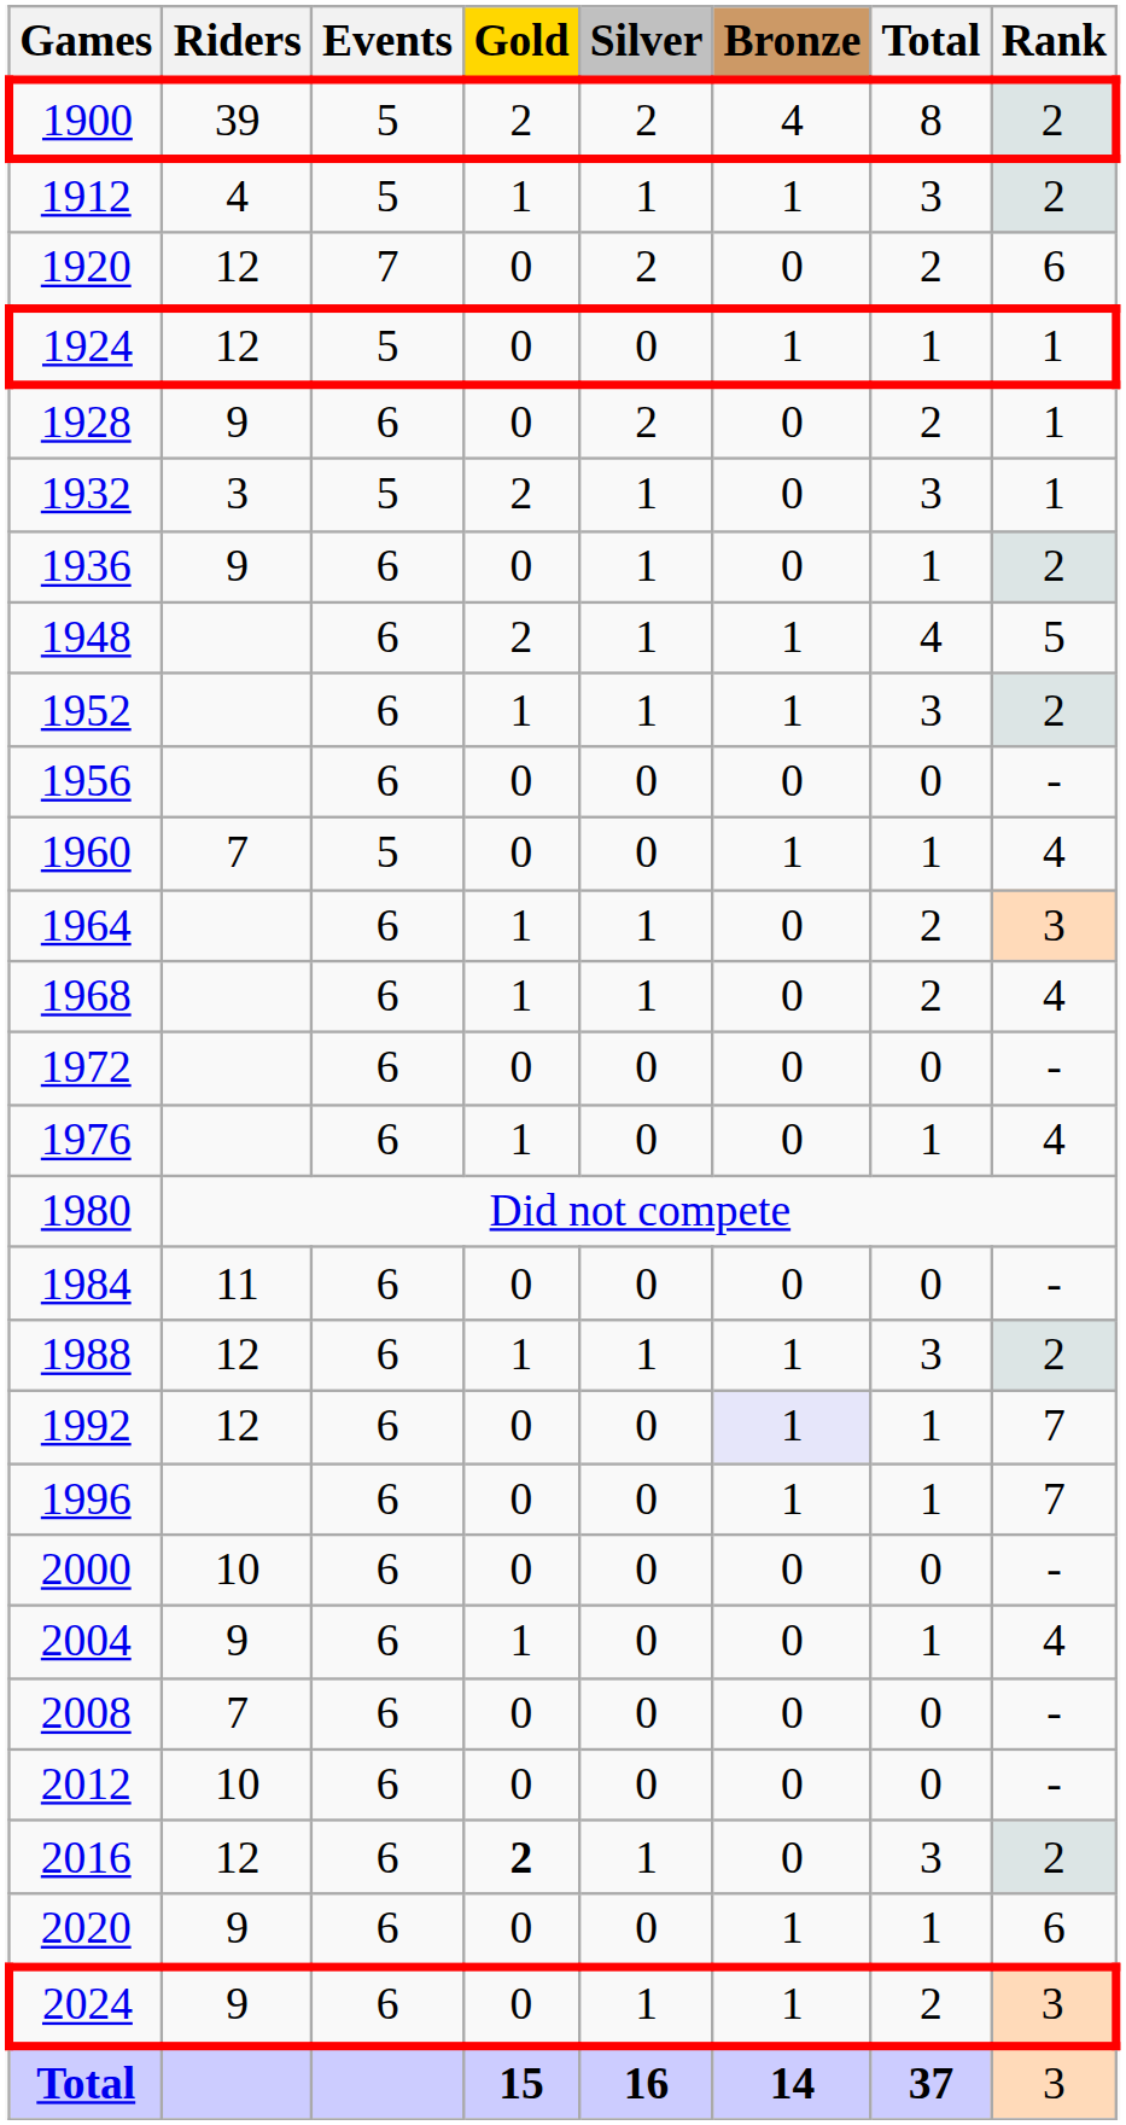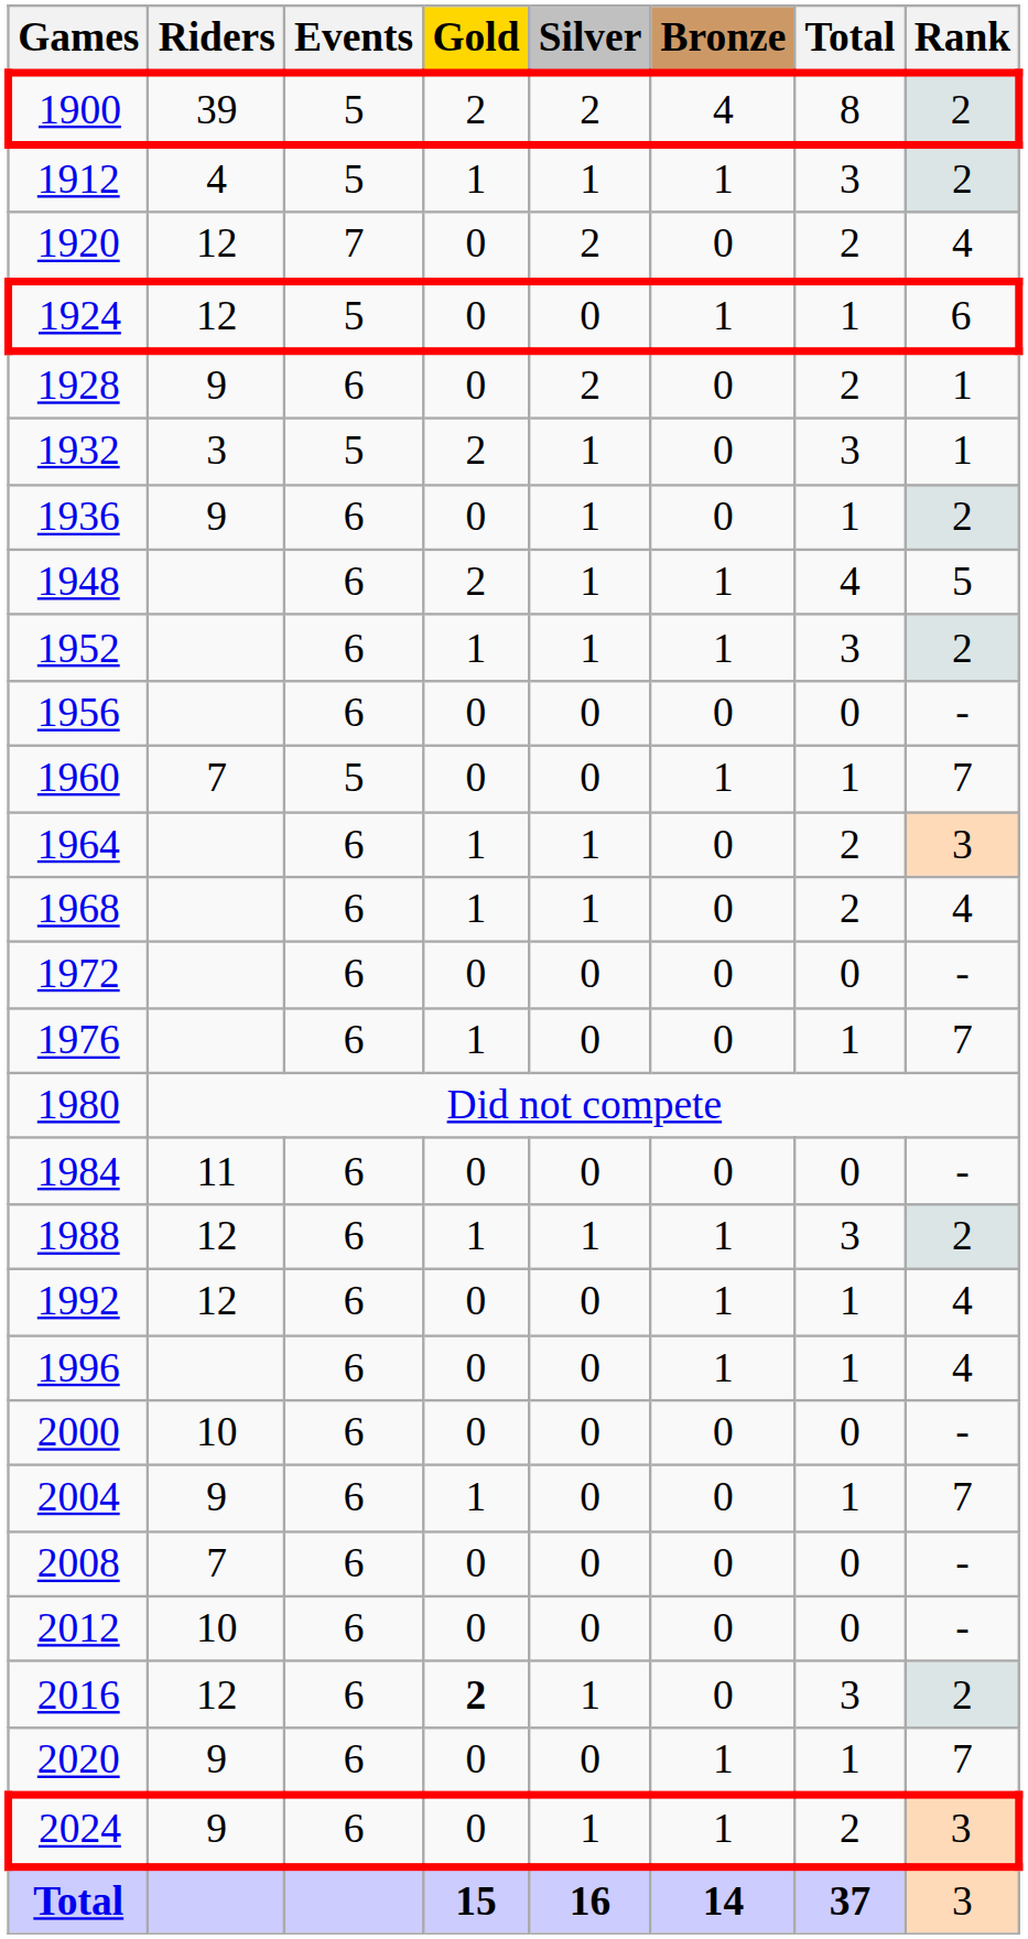 <table class="wikitable sortable" style="text-align:center">
 <tr>
 <th>Games</th>
 <th>Riders</th>
 <th>Events</th>
 <th style="background-color:gold;">Gold</th>
 <th style="background-color:silver;">Silver</th>
 <th style="background-color:#c96;">Bronze</th>
 <th>Total</th>
 <th>Rank</th>
 </tr>
 <tr style="align=text:center; border: 3px solid red">
 <td><a href='#'>1900</a></td>
 <td>39</td>
 <td>5</td>
 <td>2</td>
 <td>2</td>
 <td>4</td>
 <td>8</td>
 <td style="background-color:#dce5e5">2</td>
 </tr>
 <tr style="align-text:center">
 <td><a href='#'>1912</a></td>
 <td>4</td>
 <td>5</td>
 <td>1</td>
 <td>1</td>
 <td>1</td>
 <td>3</td>
 <td style="background-color:#dce5e5">2</td>
 </tr>
 <tr style="align-text:center">
 <td><a href='#'>1920</a></td>
 <td>12</td>
 <td>7</td>
 <td>0</td>
 <td>2</td>
 <td>0</td>
 <td>2</td>
-<td>6</td>
+<td>4</td>
 </tr>
 <tr style="align-text:center; border: 3px solid red">
 <td><a href='#'>1924</a></td>
 <td>12</td>
 <td>5</td>
 <td>0</td>
 <td>0</td>
 <td>1</td>
 <td>1</td>
-<td>1</td>
+<td>6</td>
 </tr>
 <tr style="align-text:center">
 <td><a href='#'>1928</a></td>
 <td>9</td>
 <td>6</td>
 <td>0</td>
 <td>2</td>
 <td>0</td>
 <td>2</td>
 <td>1</td>
 </tr>
 <tr style="align-text:center">
 <td><a href='#'>1932</a></td>
 <td>3</td>
 <td>5</td>
 <td>2</td>
 <td>1</td>
 <td>0</td>
 <td>3</td>
 <td style="background-color:# f7f6a8">1</td>
 </tr>
 <tr style="align-text:center">
 <td><a href='#'>1936</a></td>
 <td>9</td>
 <td>6</td>
 <td>0</td>
 <td>1</td>
 <td>0</td>
 <td>1</td>
 <td style="background-color:#dce5e5">2</td>
 </tr>
 <tr style="align-text:center">
 <td><a href='#'>1948</a></td>
 <td></td>
 <td>6</td>
 <td>2</td>
 <td>1</td>
 <td>1</td>
 <td>4</td>
 <td>5</td>
 </tr>
 <tr style="align-text:center">
 <td><a href='#'>1952</a></td>
 <td></td>
 <td>6</td>
 <td>1</td>
 <td>1</td>
 <td>1</td>
 <td>3</td>
 <td style="background-color:#dce5e5">2</td>
 </tr>
 <tr style="align-text:center">
 <td><a href='#'>1956</a></td>
 <td></td>
 <td>6</td>
 <td>0</td>
 <td>0</td>
 <td>0</td>
 <td>0</td>
 <td>-</td>
 </tr>
 <tr style="align-text:center">
 <td><a href='#'>1960</a></td>
 <td>7</td>
 <td>5</td>
 <td>0</td>
 <td>0</td>
 <td>1</td>
 <td>1</td>
-<td>4</td>
+<td>7</td>
 </tr>
 <tr style="align-text:center">
 <td><a href='#'>1964</a></td>
 <td></td>
 <td>6</td>
 <td>1</td>
 <td>1</td>
 <td>0</td>
 <td>2</td>
 <td style="background-color:#ffdab9">3</td>
 </tr>
 <tr style="align-text:center">
 <td><a href='#'>1968</a></td>
 <td></td>
 <td>6</td>
 <td>1</td>
 <td>1</td>
 <td>0</td>
 <td>2</td>
 <td>4</td>
 </tr>
 <tr style="align-text:center">
 <td><a href='#'>1972</a></td>
 <td></td>
 <td>6</td>
 <td>0</td>
 <td>0</td>
 <td>0</td>
 <td>0</td>
 <td>-</td>
 </tr>
 <tr style="align-text:center">
 <td><a href='#'>1976</a></td>
 <td></td>
 <td>6</td>
 <td>1</td>
 <td>0</td>
 <td>0</td>
 <td>1</td>
-<td>4</td>
+<td>7</td>
 </tr>
 <tr style="align-text:center">
 <td><a href='#'>1980</a></td>
 <td colspan="7"><a href='#'>Did not compete</a></td>
 </tr>
 <tr style="align-text:center">
 <td><a href='#'>1984</a></td>
 <td>11</td>
 <td>6</td>
 <td>0</td>
 <td>0</td>
 <td>0</td>
 <td>0</td>
 <td>-</td>
 </tr>
 <tr style="align-text:center">
 <td><a href='#'>1988</a></td>
 <td>12</td>
 <td>6</td>
 <td>1</td>
 <td>1</td>
 <td>1</td>
 <td>3</td>
 <td style="background-color:#dce5e5">2</td>
 </tr>
 <tr style="align-text:center">
 <td><a href='#'>1992</a></td>
 <td>12</td>
 <td>6</td>
 <td>0</td>
 <td>0</td>
-<td style="background: lavender;">1</td>
 <td>1</td>
-<td>7</td>
+<td>1</td>
+<td>4</td>
 </tr>
 <tr style="align-text:center">
 <td><a href='#'>1996</a></td>
 <td></td>
 <td>6</td>
 <td>0</td>
 <td>0</td>
 <td>1</td>
 <td>1</td>
-<td>7</td>
+<td>4</td>
 </tr>
 <tr style="align-text:center">
 <td><a href='#'>2000</a></td>
 <td>10</td>
 <td>6</td>
 <td>0</td>
 <td>0</td>
 <td>0</td>
 <td>0</td>
 <td>-</td>
 </tr>
 <tr style="align-text:center">
 <td><a href='#'>2004</a></td>
 <td>9</td>
 <td>6</td>
 <td>1</td>
 <td>0</td>
 <td>0</td>
 <td>1</td>
-<td>4</td>
+<td>7</td>
 </tr>
 <tr style="align-text:center">
 <td><a href='#'>2008</a></td>
 <td>7</td>
 <td>6</td>
 <td>0</td>
 <td>0</td>
 <td>0</td>
 <td>0</td>
 <td>-</td>
 </tr>
 <tr style="align-text:center">
 <td><a href='#'>2012</a></td>
 <td>10</td>
 <td>6</td>
 <td>0</td>
 <td>0</td>
 <td>0</td>
 <td>0</td>
 <td>-</td>
 </tr>
 <tr style="align-text:center">
 <td><a href='#'>2016</a></td>
 <td>12</td>
 <td>6</td>
 <td><strong>2</strong></td>
 <td>1</td>
 <td>0</td>
 <td>3</td>
 <td style="background-color:#dce5e5">2</td>
 </tr>
 <tr style="align-text:center">
 <td><a href='#'>2020</a></td>
 <td>9</td>
 <td>6</td>
 <td>0</td>
 <td>0</td>
 <td>1</td>
 <td>1</td>
-<td>6</td>
+<td>7</td>
 </tr>
 <tr style="align-text:center; border: 3px solid red">
 <td><a href='#'>2024</a></td>
 <td>9</td>
 <td>6</td>
 <td>0</td>
 <td>1</td>
 <td>1</td>
 <td>2</td>
 <td style="background-color:#ffdab9">3</td>
 </tr>
 <tr style="align-text:center; background-color:#ccf;">
 <td><strong><a href='#'>Total</a></strong></td>
 <td></td>
 <td></td>
 <td><strong>15</strong></td>
 <td><strong>16</strong></td>
 <td><strong>14</strong></td>
 <td><strong>37</strong></td>
 <td style="background-color:#ffdab9">3</td>
 </tr>
 </table>
